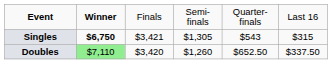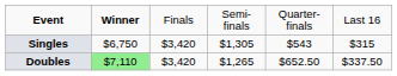 <table class=wikitable style="font-size:90%;text-align:center">
 <tr>
 <td style="width:104px;"><strong>Event</strong></td>
 <td style="width:68px;"><strong>Winner</strong></td>
 <td style="width:68px;">Finals</td>
 <td style="width:68px;">Semi-finals</td>
 <td style="width:80px;">Quarter-finals</td>
 <td style="width:68px;">Last 16</td>
 </tr>
 <tr>
 <td style="background:#dfe2e9;"><strong>Singles</strong></td>
-<td><strong>$6,750</strong></td>
-<td>$3,421</td>
+<td>$6,750</td>
+<td>$3,420</td>
 <td>$1,305</td>
 <td>$543</td>
 <td>$315</td>
 </tr>
 <tr>
 <td style="background:#dfe2e9;"><strong>Doubles</strong></td>
 <td style="background: lightgreen;">$7,110</td>
 <td>$3,420</td>
-<td>$1,260</td>
+<td>$1,265</td>
 <td>$652.50</td>
 <td>$337.50</td>
 </tr>
 </table>
